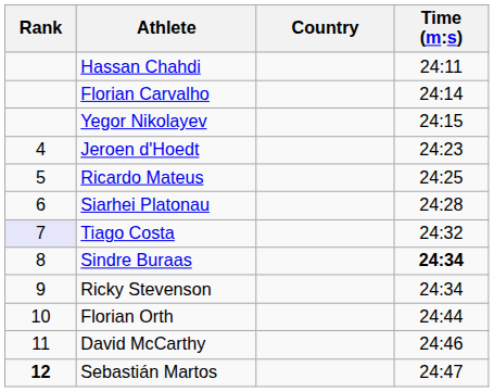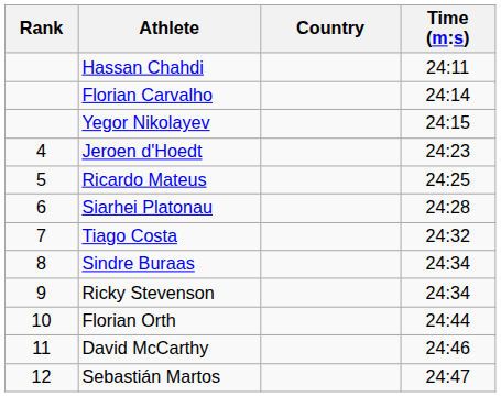 <table class="wikitable" width=50%>
 <tr>
 </tr>
 <tr>
 <th width=5%>Rank</th>
 <th width=20%>Athlete</th>
 <th width=15%>Country</th>
 <th width=10%>Time (<a href='#'>m</a>:<a href='#'>s</a>)</th>
 </tr>
 <tr align="center">
 <td></td>
 <td align="left"><a href='#'>Hassan Chahdi</a></td>
 <td align="left"></td>
 <td>24:11</td>
 </tr>
 <tr align="center">
 <td></td>
 <td align="left"><a href='#'>Florian Carvalho</a></td>
 <td align="left"></td>
 <td>24:14</td>
 </tr>
 <tr align="center">
 <td></td>
 <td align="left"><a href='#'>Yegor Nikolayev</a></td>
 <td align="left"></td>
 <td>24:15</td>
 </tr>
 <tr align="center">
 <td>4</td>
 <td align="left"><a href='#'>Jeroen d'Hoedt</a></td>
 <td align="left"></td>
 <td>24:23</td>
 </tr>
 <tr align="center">
 <td>5</td>
 <td align="left"><a href='#'>Ricardo Mateus</a></td>
 <td align="left"></td>
 <td>24:25</td>
 </tr>
 <tr align="center">
 <td>6</td>
 <td align="left"><a href='#'>Siarhei Platonau</a></td>
 <td align="left"></td>
 <td>24:28</td>
 </tr>
 <tr align="center">
-<td style="background: lavender;">7</td>
+<td>7</td>
 <td align="left"><a href='#'>Tiago Costa</a></td>
 <td align="left"></td>
 <td>24:32</td>
 </tr>
 <tr align="center">
 <td>8</td>
 <td align="left"><a href='#'>Sindre Buraas</a></td>
 <td align="left"></td>
-<td><strong>24:34</strong></td>
+<td>24:34</td>
 </tr>
 <tr align="center">
 <td>9</td>
 <td align="left">Ricky Stevenson</td>
 <td align="left"></td>
 <td>24:34</td>
 </tr>
 <tr align="center">
 <td>10</td>
 <td align="left">Florian Orth</td>
 <td align="left"></td>
 <td>24:44</td>
 </tr>
 <tr align="center">
 <td>11</td>
 <td align="left">David McCarthy</td>
 <td align="left"></td>
 <td>24:46</td>
 </tr>
 <tr align="center">
-<td><strong>12</strong></td>
+<td>12</td>
 <td align="left">Sebastián Martos</td>
 <td align="left"></td>
 <td>24:47</td>
 </tr>
 </table>
